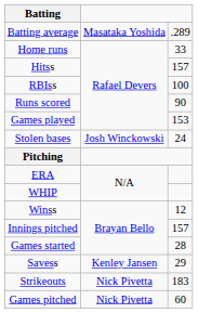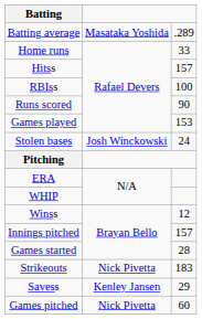 <table class="wikitable" style="text-align:center; font-size: 100%;">
 <tr>
 <th>Batting</th>
 </tr>
 <tr>
 <td><a href='#'>Batting average</a></td>
 <td><a href='#'>Masataka Yoshida</a></td>
 <td>.289</td>
 </tr>
 <tr>
 <td><a href='#'>Home runs</a></td>
 <td rowspan=5><a href='#'>Rafael Devers</a></td>
 <td>33</td>
 </tr>
 <tr>
 <td><a href='#'>Hits</a>s</td>
 <td>157</td>
 </tr>
 <tr>
 <td><a href='#'>RBIs</a>s</td>
 <td>100</td>
 </tr>
 <tr>
 <td><a href='#'>Runs scored</a></td>
 <td>90</td>
 </tr>
 <tr>
 <td><a href='#'>Games played</a></td>
 <td>153</td>
 </tr>
 <tr>
 <td><a href='#'>Stolen bases</a></td>
 <td><a href='#'>Josh Winckowski</a></td>
 <td>24</td>
 </tr>
 <tr>
 <th>Pitching</th>
 </tr>
 <tr>
 <td><a href='#'>ERA</a></td>
 <td rowspan=2>N/A</td>
 <td></td>
 </tr>
 <tr>
 <td><a href='#'>WHIP</a></td>
 <td></td>
 </tr>
 <tr>
 <td><a href='#'>Wins</a>s</td>
 <td rowspan=3><a href='#'>Brayan Bello</a></td>
 <td>12</td>
 </tr>
 <tr>
 <td><a href='#'>Innings pitched</a></td>
 <td>157</td>
 </tr>
 <tr>
 <td><a href='#'>Games started</a></td>
 <td>28</td>
 </tr>
 <tr>
+<td><a href='#'>Strikeouts</a></td>
+<td><a href='#'>Nick Pivetta</a></td>
+<td>183</td>
+</tr>
+<tr>
 <td><a href='#'>Saves</a>s</td>
 <td><a href='#'>Kenley Jansen</a></td>
 <td>29</td>
-</tr>
-<tr>
-<td><a href='#'>Strikeouts</a></td>
-<td><a href='#'>Nick Pivetta</a></td>
-<td>183</td>
 </tr>
 <tr>
 <td><a href='#'>Games pitched</a></td>
 <td><a href='#'>Nick Pivetta</a></td>
 <td>60</td>
 </tr>
 </table>
